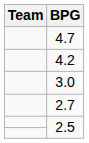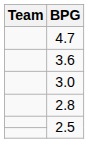 <table class=wikitable>
 <tr>
 <th>Team</th>
 <th>BPG</th>
 </tr>
 <tr>
 <td></td>
 <td align=center>4.7</td>
 </tr>
 <tr>
 <td></td>
-<td align=center>4.2</td>
+<td align=center>3.6</td>
 </tr>
 <tr>
 <td></td>
 <td align=center>3.0</td>
 </tr>
 <tr>
 <td></td>
-<td align=center>2.7</td>
+<td align=center>2.8</td>
 </tr>
 <tr>
 <td></td>
 <td align=center rowspan=2>2.5</td>
 </tr>
 <tr>
 <td></td>
 </tr>
 </table>
